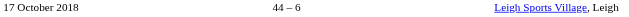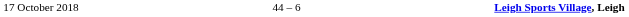 <table style="width:100%;" cellspacing="1">
 <tr>
 <th width=15%></th>
 <th width=25%></th>
 <th width=10%></th>
 <th width=25%></th>
 </tr>
 <tr style=font-size:90%>
 <td align=right>17 October 2018</td>
 <td align=right></td>
 <td align=center>44 – 6</td>
 <td></td>
-<td><a href='#'>Leigh Sports Village</a>, Leigh</td>
+<td><strong><a href='#'>Leigh Sports Village</a>, Leigh</strong></td>
 </tr>
 </table>
